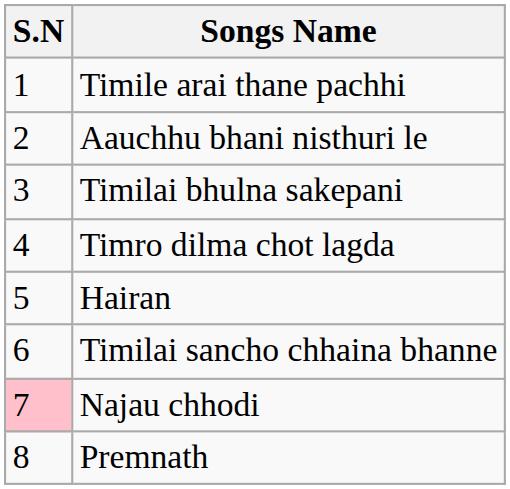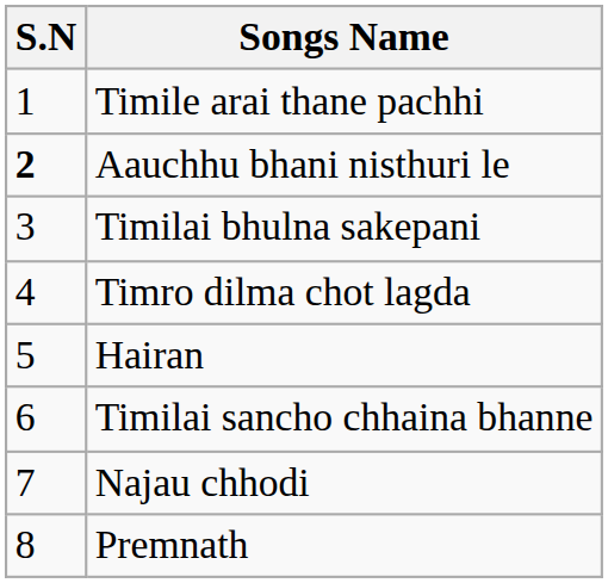 <table class="wikitable">
 <tr>
 <th>S.N</th>
 <th>Songs Name</th>
 </tr>
 <tr>
 <td>1</td>
 <td>Timile arai thane pachhi</td>
 </tr>
 <tr>
-<td>2</td>
+<td><strong>2</strong></td>
 <td>Aauchhu bhani nisthuri le</td>
 </tr>
 <tr>
 <td>3</td>
 <td>Timilai bhulna sakepani</td>
 </tr>
 <tr>
 <td>4</td>
 <td>Timro dilma chot lagda</td>
 </tr>
 <tr>
 <td>5</td>
 <td>Hairan</td>
 </tr>
 <tr>
 <td>6</td>
 <td>Timilai sancho chhaina bhanne</td>
 </tr>
 <tr>
-<td style="background: pink;">7</td>
+<td>7</td>
 <td>Najau chhodi</td>
 </tr>
 <tr>
 <td>8</td>
 <td>Premnath</td>
 </tr>
 </table>
